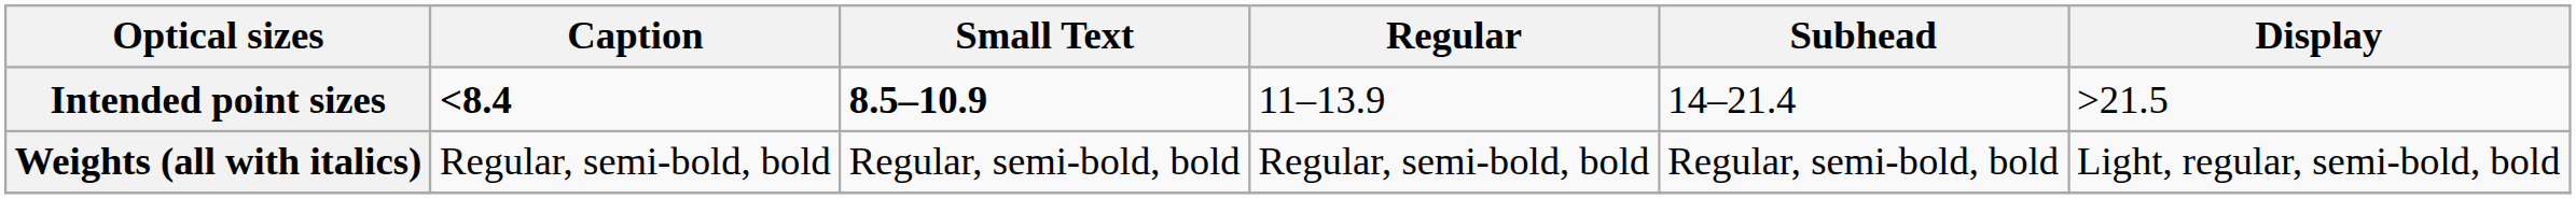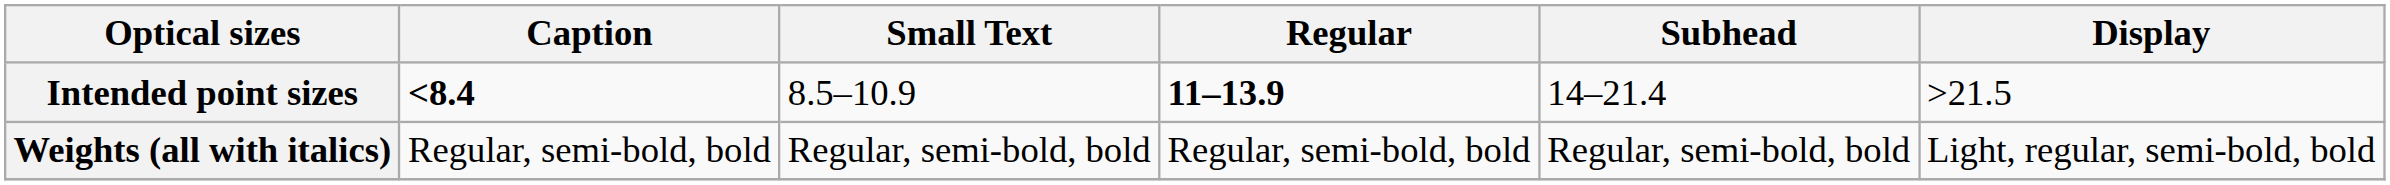 <table class="wikitable">
 <tr>
 <th>Optical sizes</th>
 <th>Caption</th>
 <th>Small Text</th>
 <th>Regular</th>
 <th>Subhead</th>
 <th>Display</th>
 </tr>
 <tr>
 <th>Intended point sizes</th>
 <td><strong><8.4</strong></td>
-<td><strong>8.5–10.9</strong></td>
-<td>11–13.9</td>
+<td>8.5–10.9</td>
+<td><strong>11–13.9</strong></td>
 <td>14–21.4</td>
 <td>>21.5</td>
 </tr>
 <tr>
 <th>Weights (all with italics)</th>
 <td>Regular, semi-bold, bold</td>
 <td>Regular, semi-bold, bold</td>
 <td>Regular, semi-bold, bold</td>
 <td>Regular, semi-bold, bold</td>
 <td>Light, regular, semi-bold, bold</td>
 </tr>
 <tr>
 </tr>
 </table>
